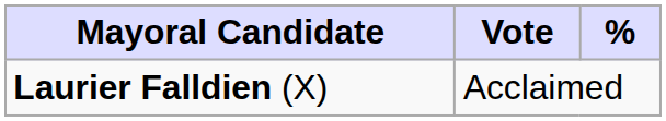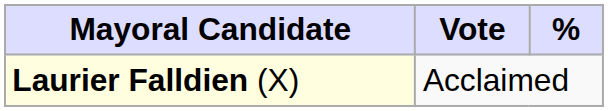 <table class="wikitable">
 <tr>
 <th style="background:#ddf; width:200px;">Mayoral Candidate</th>
 <th style="background:#ddf; width:50px;">Vote</th>
 <th style="background:#ddf; width:30px;">%</th>
 </tr>
 <tr>
-<td><strong>Laurier Falldien</strong> (X)</td>
+<td style="background: lightyellow;"><strong>Laurier Falldien</strong> (X)</td>
 <td colspan="2">Acclaimed</td>
 </tr>
 </table>
